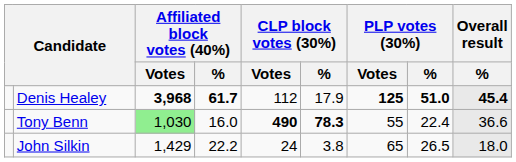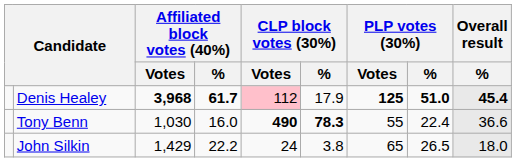 <table class=wikitable style="font-size:95%">
 <tr>
 <th colspan="2" scope="col" rowspan="2" width="125">Candidate</th>
 <th scope="col" colspan="2" width="100"><a href='#'>Affiliated block<br>votes</a> (40%)</th>
 <th scope="col" colspan="2" width="100"><a href='#'>CLP block votes</a> (30%)</th>
 <th scope="col" colspan="2" width="100"><a href='#'>PLP votes</a> <br> (30%)</th>
 <th scope="col" colspan="2" width="50">Overall result</th>
 </tr>
 <tr>
 <th>Votes</th>
 <th>%</th>
 <th>Votes</th>
 <th>%</th>
 <th>Votes</th>
 <th>%</th>
 <th>%</th>
 </tr>
 <tr align="right">
 <td style="background-color: "></td>
 <td scope="row" align="left"><a href='#'>Denis Healey</a></td>
 <td><strong>3,968</strong></td>
 <td><strong>61.7</strong></td>
-<td>112</td>
+<td style="background: pink;">112</td>
 <td>17.9</td>
 <td><strong>125</strong></td>
 <td><strong>51.0</strong></td>
 <td style="background:#e9e9e9;"><strong>45.4</strong></td>
 </tr>
 <tr align="right">
 <td style="background-color: "></td>
 <td scope="row" align="left"><a href='#'>Tony Benn</a></td>
-<td style="background: lightgreen;">1,030</td>
+<td>1,030</td>
 <td>16.0</td>
 <td><strong>490</strong></td>
 <td><strong>78.3</strong></td>
 <td>55</td>
 <td>22.4</td>
 <td style="background:#e9e9e9;">36.6</td>
 </tr>
 <tr align="right">
 <td style="background-color: "></td>
 <td scope="row" align="left"><a href='#'>John Silkin</a> </td>
 <td>1,429</td>
 <td>22.2</td>
 <td>24</td>
 <td>3.8</td>
 <td>65</td>
 <td>26.5</td>
 <td style="background:#e9e9e9;">18.0</td>
 </tr>
 </table>
